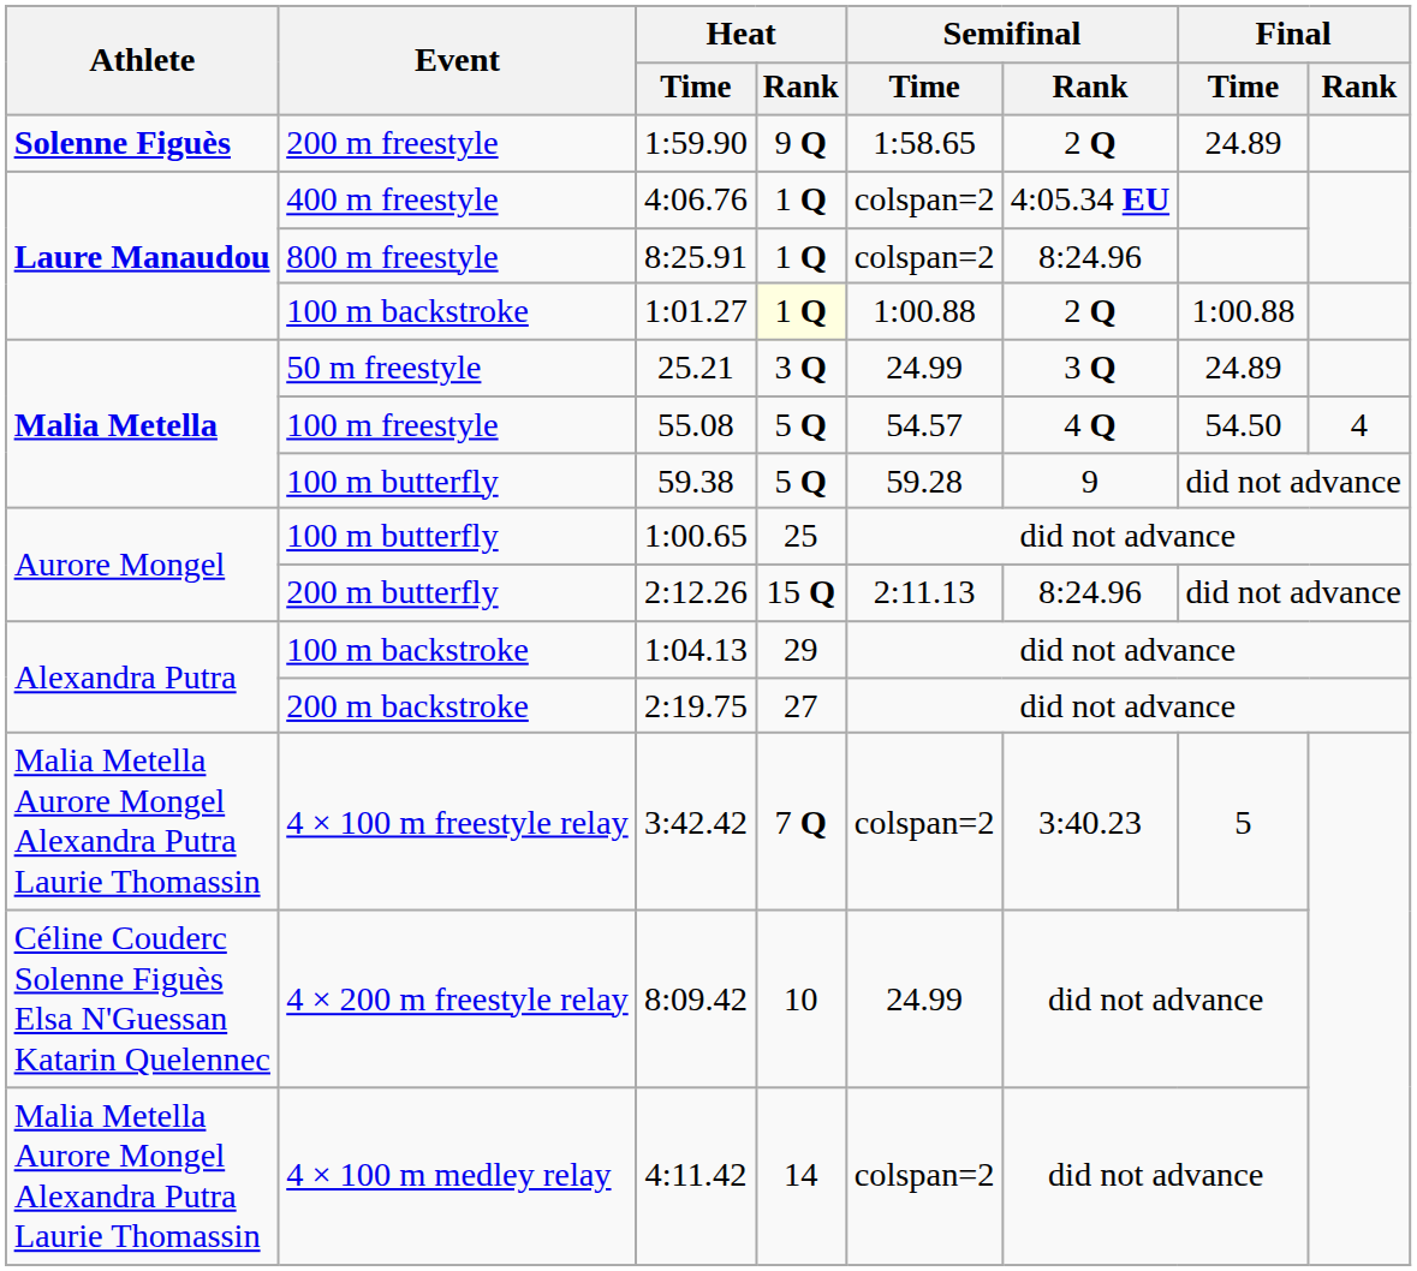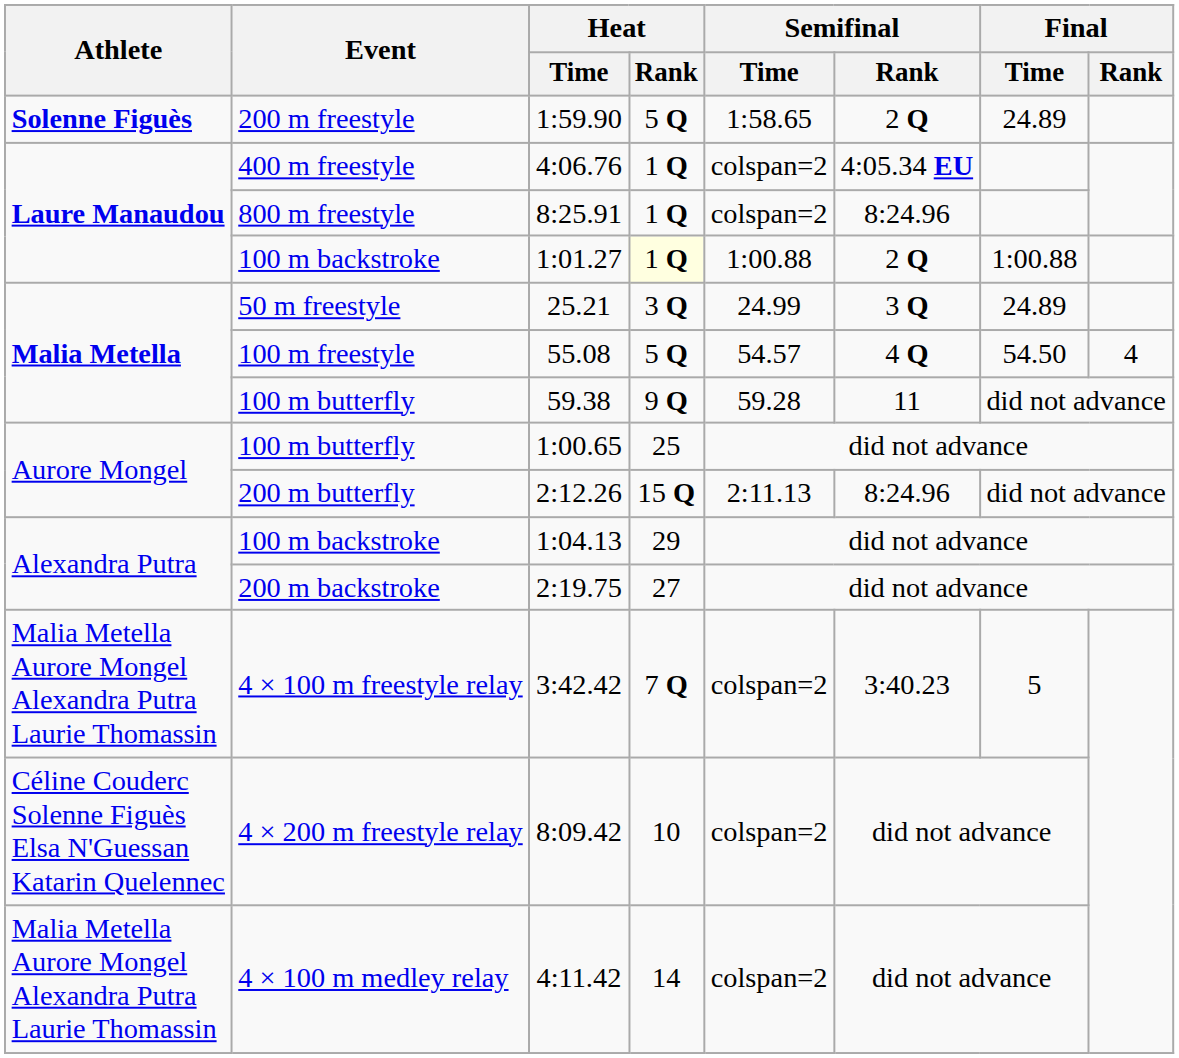 <table class=wikitable style="font-size:90%">
 <tr>
 <th rowspan="2">Athlete</th>
 <th rowspan="2">Event</th>
 <th colspan="2">Heat</th>
 <th colspan="2">Semifinal</th>
 <th colspan="2">Final</th>
 </tr>
 <tr style="font-size:95%">
 <th>Time</th>
 <th>Rank</th>
 <th>Time</th>
 <th>Rank</th>
 <th>Time</th>
 <th>Rank</th>
 </tr>
 <tr align=center>
 <td align=left><strong><a href='#'>Solenne Figuès</a></strong></td>
 <td align=left><a href='#'>200 m freestyle</a></td>
 <td>1:59.90</td>
-<td>9 <strong>Q</strong></td>
+<td>5 <strong>Q</strong></td>
 <td>1:58.65</td>
 <td>2 <strong>Q</strong></td>
 <td>24.89</td>
 <td></td>
 </tr>
 <tr align=center>
 <td align=left rowspan=3><strong><a href='#'>Laure Manaudou</a></strong></td>
 <td align=left><a href='#'>400 m freestyle</a></td>
 <td>4:06.76</td>
 <td>1 <strong>Q</strong></td>
 <td>colspan=2 </td>
 <td>4:05.34 <strong><a href='#'>EU</a></strong></td>
 <td></td>
 </tr>
 <tr align=center>
 <td align=left><a href='#'>800 m freestyle</a></td>
 <td>8:25.91</td>
 <td>1 <strong>Q</strong></td>
 <td>colspan=2 </td>
 <td>8:24.96</td>
 <td></td>
 </tr>
 <tr align=center>
 <td align=left><a href='#'>100 m backstroke</a></td>
 <td>1:01.27</td>
 <td style="background: lightyellow;">1 <strong>Q</strong></td>
 <td>1:00.88</td>
 <td>2 <strong>Q</strong></td>
 <td>1:00.88</td>
 <td></td>
 </tr>
 <tr align=center>
 <td align=left rowspan=3><strong><a href='#'>Malia Metella</a></strong></td>
 <td align=left><a href='#'>50 m freestyle</a></td>
 <td>25.21</td>
 <td>3 <strong>Q</strong></td>
 <td>24.99</td>
 <td>3 <strong>Q</strong></td>
 <td>24.89</td>
 <td></td>
 </tr>
 <tr align=center>
 <td align=left><a href='#'>100 m freestyle</a></td>
 <td>55.08</td>
 <td>5 <strong>Q</strong></td>
 <td>54.57</td>
 <td>4 <strong>Q</strong></td>
 <td>54.50</td>
 <td>4</td>
 </tr>
 <tr align=center>
 <td align=left><a href='#'>100 m butterfly</a></td>
 <td>59.38</td>
-<td>5 <strong>Q</strong></td>
+<td>9 <strong>Q</strong></td>
 <td>59.28</td>
-<td>9</td>
+<td>11</td>
 <td colspan=2>did not advance</td>
 </tr>
 <tr align=center>
 <td align=left rowspan=2><a href='#'>Aurore Mongel</a></td>
 <td align=left><a href='#'>100 m butterfly</a></td>
 <td>1:00.65</td>
 <td>25</td>
 <td colspan=4>did not advance</td>
 </tr>
 <tr align=center>
 <td align=left><a href='#'>200 m butterfly</a></td>
 <td>2:12.26</td>
 <td>15 <strong>Q</strong></td>
 <td>2:11.13</td>
 <td>8:24.96</td>
 <td colspan=2>did not advance</td>
 </tr>
 <tr align=center>
 <td align=left rowspan=2><a href='#'>Alexandra Putra</a></td>
 <td align=left><a href='#'>100 m backstroke</a></td>
 <td>1:04.13</td>
 <td>29</td>
 <td colspan=4>did not advance</td>
 </tr>
 <tr align=center>
 <td align=left><a href='#'>200 m backstroke</a></td>
 <td>2:19.75</td>
 <td>27</td>
 <td colspan=4>did not advance</td>
 </tr>
 <tr align=center>
 <td align=left><a href='#'>Malia Metella</a><br><a href='#'>Aurore Mongel</a><br><a href='#'>Alexandra Putra</a><br><a href='#'>Laurie Thomassin</a></td>
 <td align=left><a href='#'>4 × 100 m freestyle relay</a></td>
 <td>3:42.42</td>
 <td>7 <strong>Q</strong></td>
 <td>colspan=2 </td>
 <td>3:40.23</td>
 <td>5</td>
 </tr>
 <tr align=center>
 <td align=left><a href='#'>Céline Couderc</a><br><a href='#'>Solenne Figuès</a><br><a href='#'>Elsa N'Guessan</a><br><a href='#'>Katarin Quelennec</a></td>
 <td align=left><a href='#'>4 × 200 m freestyle relay</a></td>
 <td>8:09.42</td>
 <td>10</td>
-<td>24.99</td>
+<td>colspan=2 </td>
 <td colspan=2>did not advance</td>
 </tr>
 <tr align=center>
 <td align=left><a href='#'>Malia Metella</a><br><a href='#'>Aurore Mongel</a><br><a href='#'>Alexandra Putra</a><br><a href='#'>Laurie Thomassin</a></td>
 <td align=left><a href='#'>4 × 100 m medley relay</a></td>
 <td>4:11.42</td>
 <td>14</td>
 <td>colspan=2 </td>
 <td colspan=2>did not advance</td>
 </tr>
 </table>
